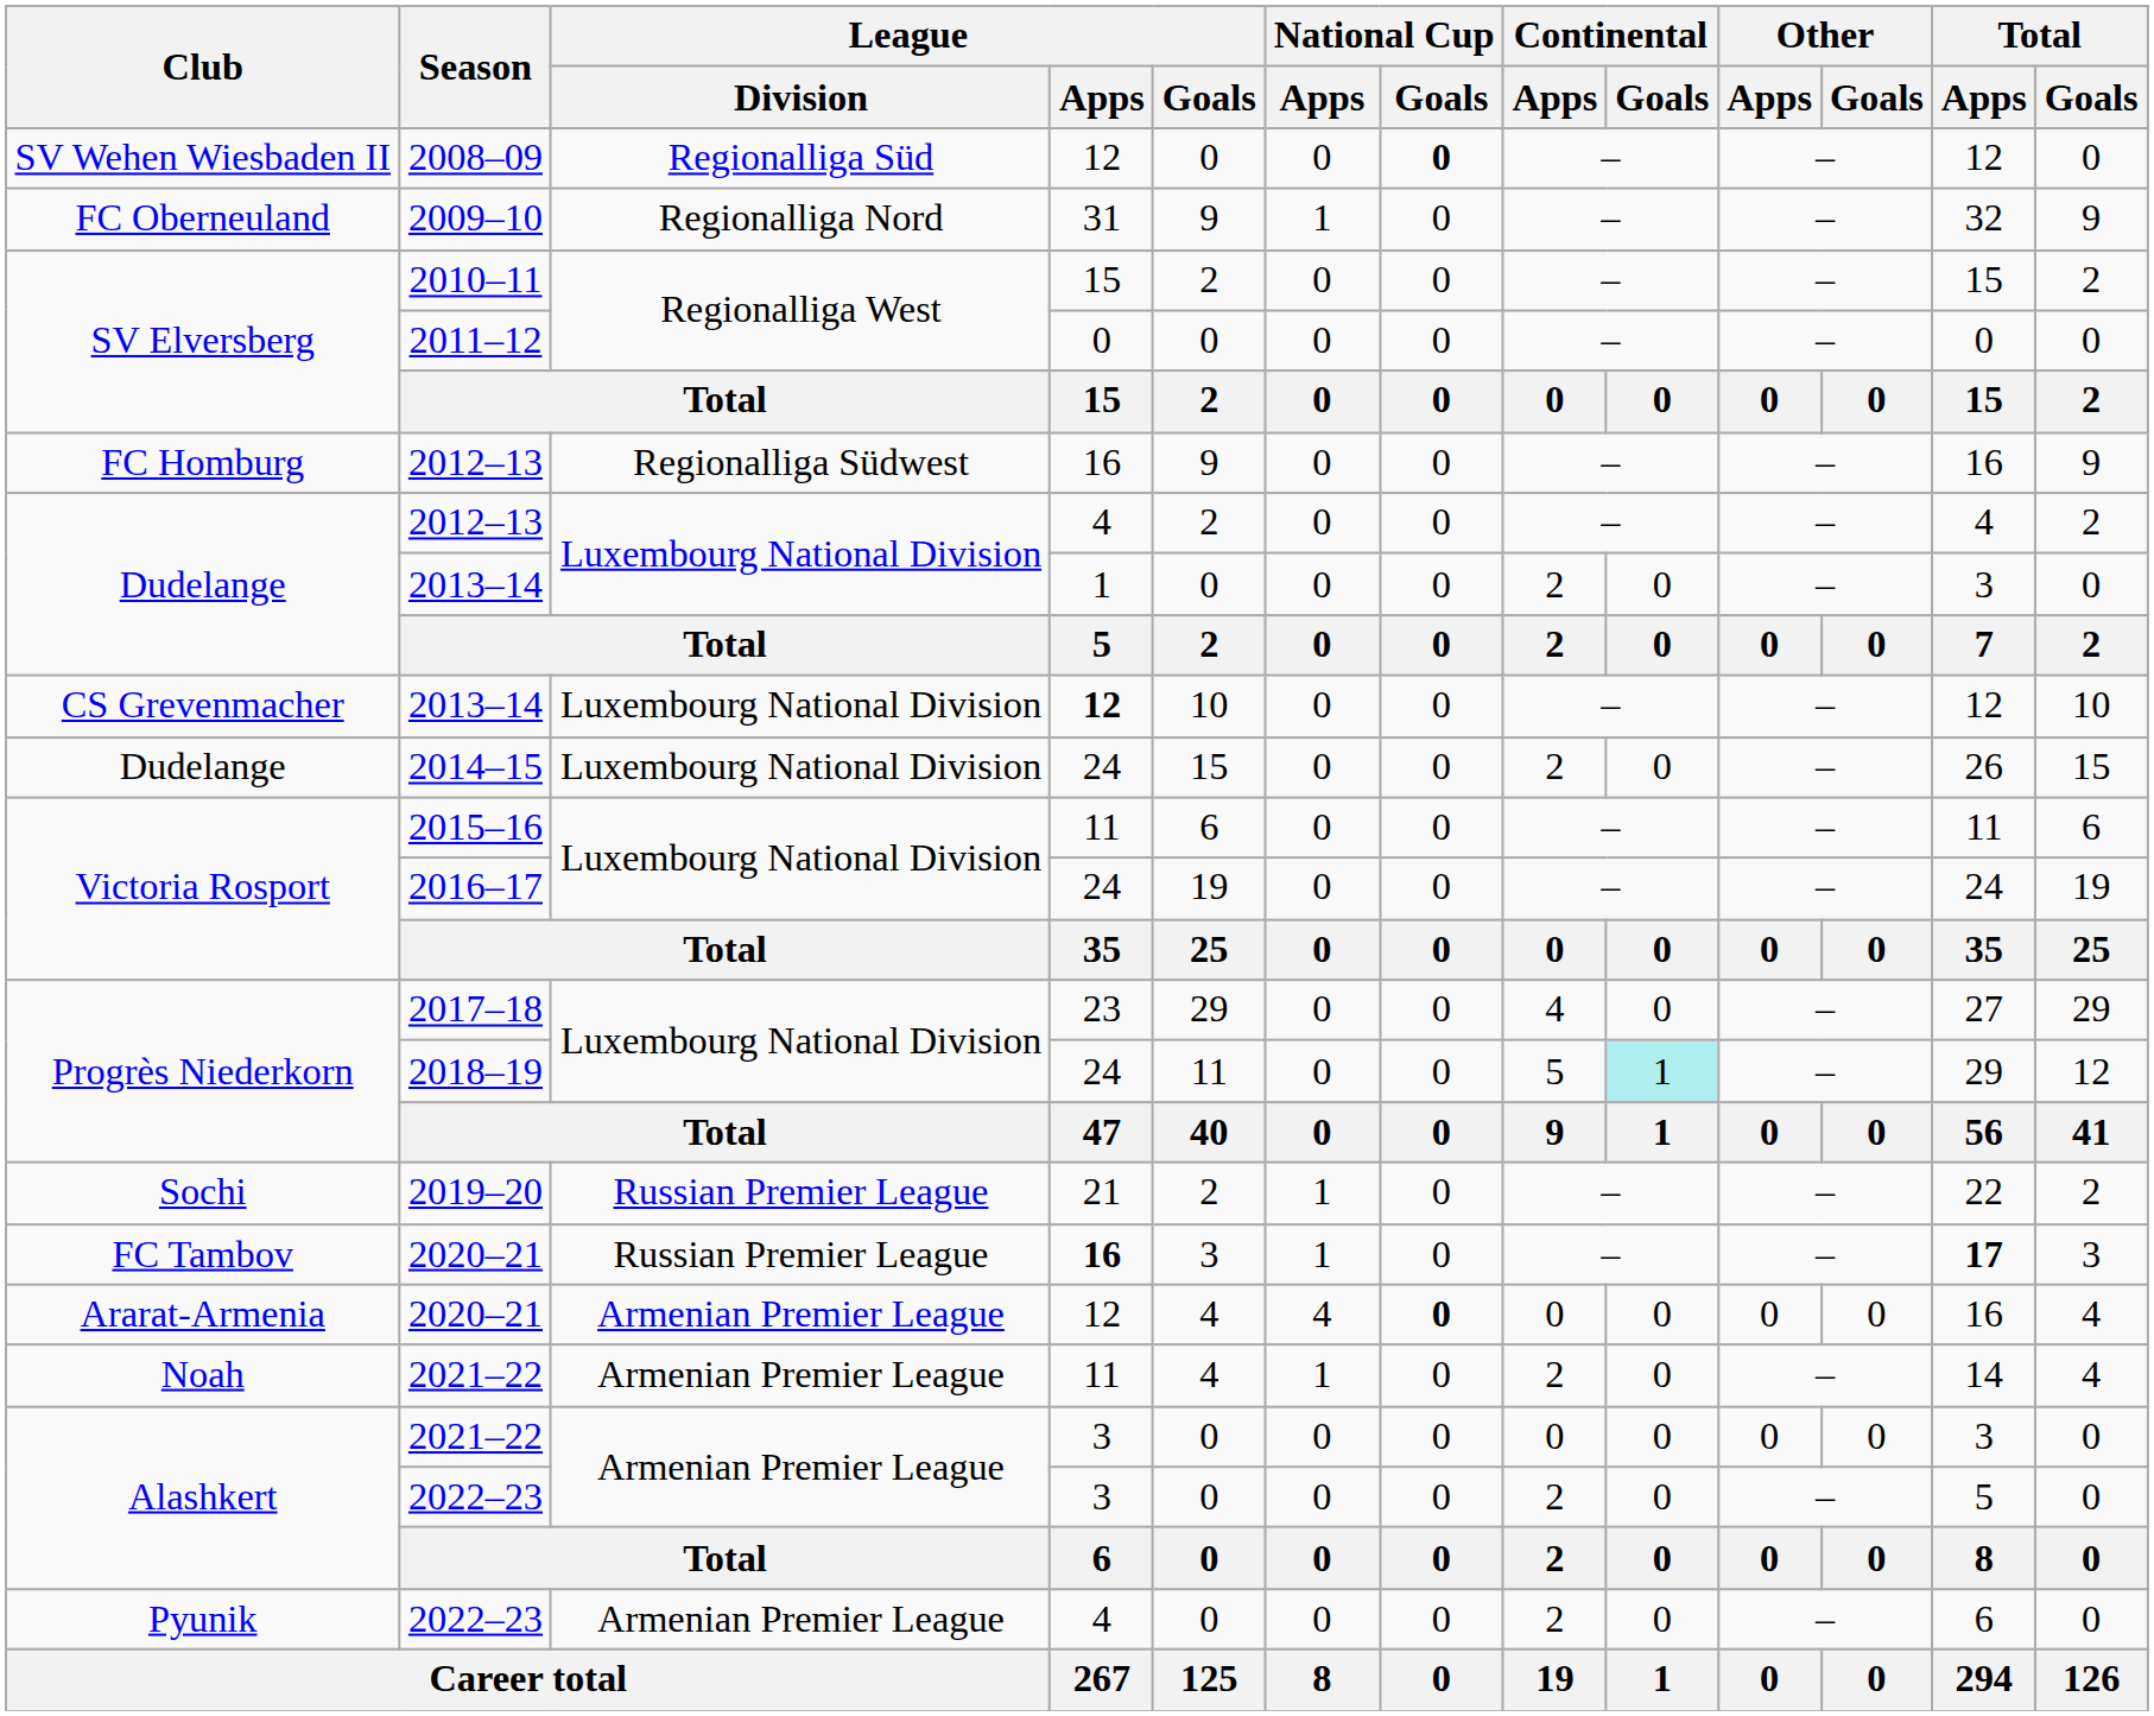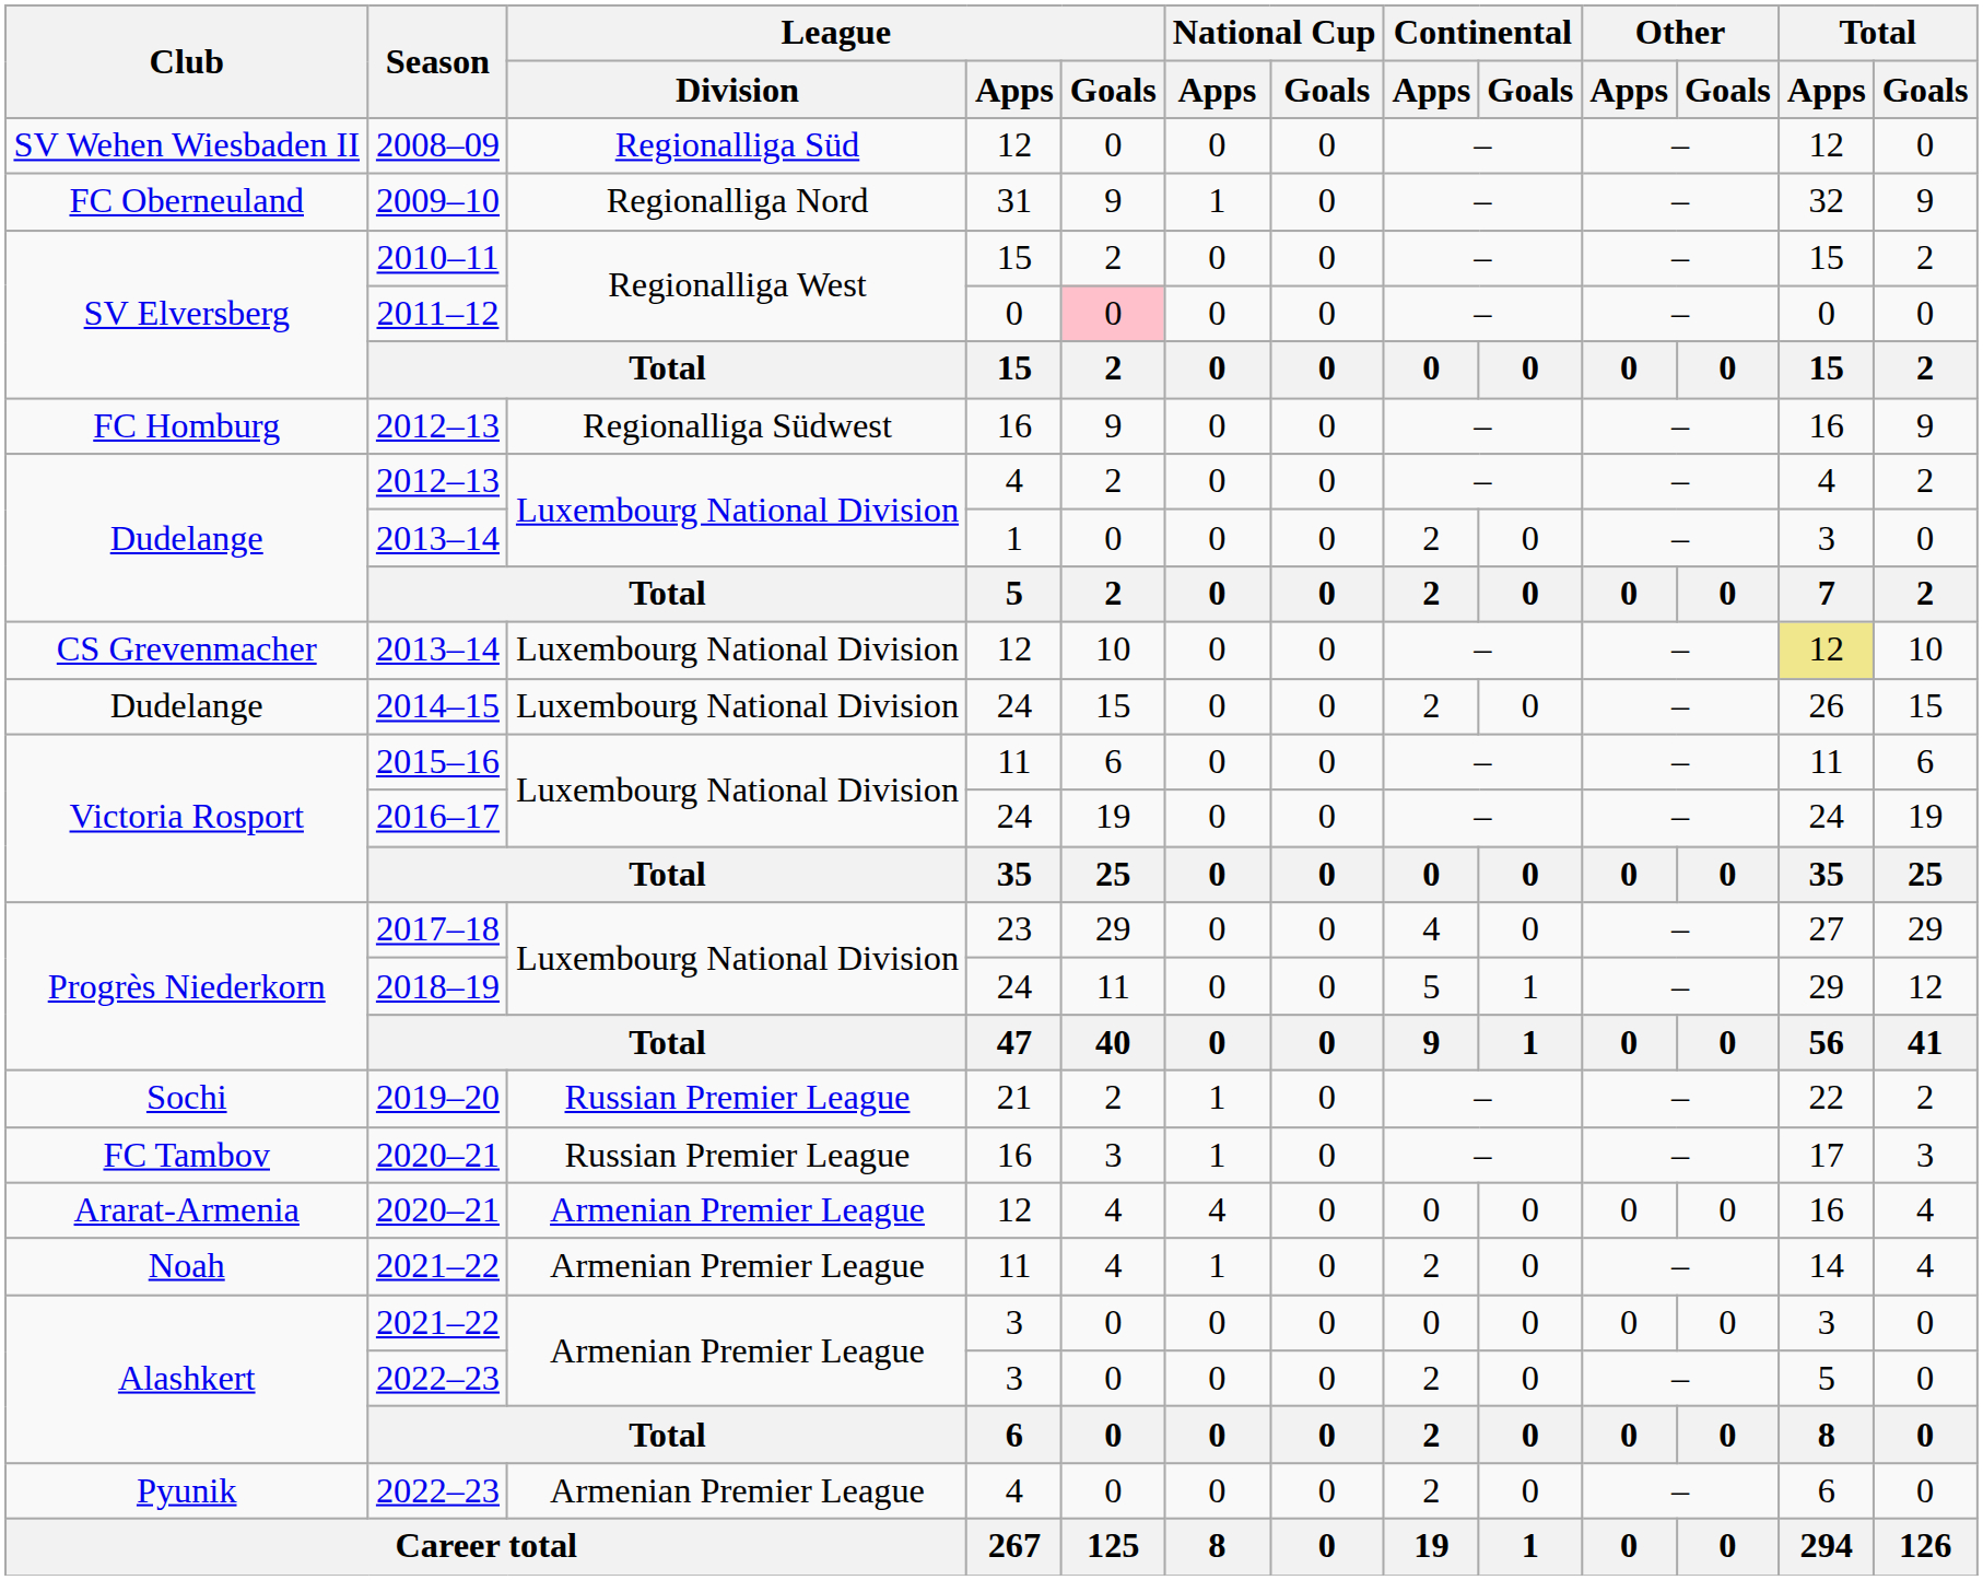 <table class="wikitable" style="text-align:center">
 <tr>
 <th rowspan="2">Club</th>
 <th rowspan="2">Season</th>
 <th colspan="3">League</th>
 <th colspan="2">National Cup</th>
 <th colspan="2">Continental</th>
 <th colspan="2">Other</th>
 <th colspan="2">Total</th>
 </tr>
 <tr>
 <th>Division</th>
 <th>Apps</th>
 <th>Goals</th>
 <th>Apps</th>
 <th>Goals</th>
 <th>Apps</th>
 <th>Goals</th>
 <th>Apps</th>
 <th>Goals</th>
 <th>Apps</th>
 <th>Goals</th>
 </tr>
 <tr>
 <td><a href='#'>SV Wehen Wiesbaden II</a></td>
 <td><a href='#'>2008–09</a></td>
 <td><a href='#'>Regionalliga Süd</a></td>
 <td>12</td>
 <td>0</td>
 <td>0</td>
-<td><strong>0</strong></td>
+<td>0</td>
 <td colspan="2">–</td>
 <td colspan="2">–</td>
 <td>12</td>
 <td>0</td>
 </tr>
 <tr>
 <td><a href='#'>FC Oberneuland</a></td>
 <td><a href='#'>2009–10</a></td>
 <td>Regionalliga Nord</td>
 <td>31</td>
 <td>9</td>
 <td>1</td>
 <td>0</td>
 <td colspan="2">–</td>
 <td colspan="2">–</td>
 <td>32</td>
 <td>9</td>
 </tr>
 <tr>
 <td rowspan="3"><a href='#'>SV Elversberg</a></td>
 <td><a href='#'>2010–11</a></td>
 <td rowspan="2">Regionalliga West</td>
 <td>15</td>
 <td>2</td>
 <td>0</td>
 <td>0</td>
 <td colspan="2">–</td>
 <td colspan="2">–</td>
 <td>15</td>
 <td>2</td>
 </tr>
 <tr>
 <td><a href='#'>2011–12</a></td>
 <td>0</td>
-<td>0</td>
+<td style="background: pink;">0</td>
 <td>0</td>
 <td>0</td>
 <td colspan="2">–</td>
 <td colspan="2">–</td>
 <td>0</td>
 <td>0</td>
 </tr>
 <tr>
 <th colspan="2">Total</th>
 <th>15</th>
 <th>2</th>
 <th>0</th>
 <th>0</th>
 <th>0</th>
 <th>0</th>
 <th>0</th>
 <th>0</th>
 <th>15</th>
 <th>2</th>
 </tr>
 <tr>
 <td><a href='#'>FC Homburg</a></td>
 <td><a href='#'>2012–13</a></td>
 <td>Regionalliga Südwest</td>
 <td>16</td>
 <td>9</td>
 <td>0</td>
 <td>0</td>
 <td colspan="2">–</td>
 <td colspan="2">–</td>
 <td>16</td>
 <td>9</td>
 </tr>
 <tr>
 <td rowspan="3"><a href='#'>Dudelange</a></td>
 <td><a href='#'>2012–13</a></td>
 <td rowspan="2"><a href='#'>Luxembourg National Division</a></td>
 <td>4</td>
 <td>2</td>
 <td>0</td>
 <td>0</td>
 <td colspan="2">–</td>
 <td colspan="2">–</td>
 <td>4</td>
 <td>2</td>
 </tr>
 <tr>
 <td><a href='#'>2013–14</a></td>
 <td>1</td>
 <td>0</td>
 <td>0</td>
 <td>0</td>
 <td>2</td>
 <td>0</td>
 <td colspan="2">–</td>
 <td>3</td>
 <td>0</td>
 </tr>
 <tr>
 <th colspan="2">Total</th>
 <th>5</th>
 <th>2</th>
 <th>0</th>
 <th>0</th>
 <th>2</th>
 <th>0</th>
 <th>0</th>
 <th>0</th>
 <th>7</th>
 <th>2</th>
 </tr>
 <tr>
 <td><a href='#'>CS Grevenmacher</a></td>
 <td><a href='#'>2013–14</a></td>
 <td>Luxembourg National Division</td>
-<td><strong>12</strong></td>
+<td>12</td>
 <td>10</td>
 <td>0</td>
 <td>0</td>
 <td colspan="2">–</td>
 <td colspan="2">–</td>
-<td>12</td>
+<td style="background: khaki;">12</td>
 <td>10</td>
 </tr>
 <tr>
 <td>Dudelange</td>
 <td><a href='#'>2014–15</a></td>
 <td>Luxembourg National Division</td>
 <td>24</td>
 <td>15</td>
 <td>0</td>
 <td>0</td>
 <td>2</td>
 <td>0</td>
 <td colspan="2">–</td>
 <td>26</td>
 <td>15</td>
 </tr>
 <tr>
 <td rowspan="3"><a href='#'>Victoria Rosport</a></td>
 <td><a href='#'>2015–16</a></td>
 <td rowspan="2">Luxembourg National Division</td>
 <td>11</td>
 <td>6</td>
 <td>0</td>
 <td>0</td>
 <td colspan="2">–</td>
 <td colspan="2">–</td>
 <td>11</td>
 <td>6</td>
 </tr>
 <tr>
 <td><a href='#'>2016–17</a></td>
 <td>24</td>
 <td>19</td>
 <td>0</td>
 <td>0</td>
 <td colspan="2">–</td>
 <td colspan="2">–</td>
 <td>24</td>
 <td>19</td>
 </tr>
 <tr>
 <th colspan="2">Total</th>
 <th>35</th>
 <th>25</th>
 <th>0</th>
 <th>0</th>
 <th>0</th>
 <th>0</th>
 <th>0</th>
 <th>0</th>
 <th>35</th>
 <th>25</th>
 </tr>
 <tr>
 <td rowspan="3"><a href='#'>Progrès Niederkorn</a></td>
 <td><a href='#'>2017–18</a></td>
 <td rowspan="2">Luxembourg National Division</td>
 <td>23</td>
 <td>29</td>
 <td>0</td>
 <td>0</td>
 <td>4</td>
 <td>0</td>
 <td colspan="2">–</td>
 <td>27</td>
 <td>29</td>
 </tr>
 <tr>
 <td><a href='#'>2018–19</a></td>
 <td>24</td>
 <td>11</td>
 <td>0</td>
 <td>0</td>
 <td>5</td>
-<td style="background: paleturquoise;">1</td>
+<td>1</td>
 <td colspan="2">–</td>
 <td>29</td>
 <td>12</td>
 </tr>
 <tr>
 <th colspan="2">Total</th>
 <th>47</th>
 <th>40</th>
 <th>0</th>
 <th>0</th>
 <th>9</th>
 <th>1</th>
 <th>0</th>
 <th>0</th>
 <th>56</th>
 <th>41</th>
 </tr>
 <tr>
 <td><a href='#'>Sochi</a></td>
 <td><a href='#'>2019–20</a></td>
 <td><a href='#'>Russian Premier League</a></td>
 <td>21</td>
 <td>2</td>
 <td>1</td>
 <td>0</td>
 <td colspan="2">–</td>
 <td colspan="2">–</td>
 <td>22</td>
 <td>2</td>
 </tr>
 <tr>
 <td><a href='#'>FC Tambov</a></td>
 <td><a href='#'>2020–21</a></td>
 <td>Russian Premier League</td>
-<td><strong>16</strong></td>
+<td>16</td>
 <td>3</td>
 <td>1</td>
 <td>0</td>
 <td colspan="2">–</td>
 <td colspan="2">–</td>
-<td><strong>17</strong></td>
+<td>17</td>
 <td>3</td>
 </tr>
 <tr>
 <td><a href='#'>Ararat-Armenia</a></td>
 <td><a href='#'>2020–21</a></td>
 <td><a href='#'>Armenian Premier League</a></td>
 <td>12</td>
 <td>4</td>
 <td>4</td>
-<td><strong>0</strong></td>
+<td>0</td>
 <td>0</td>
 <td>0</td>
 <td>0</td>
 <td>0</td>
 <td>16</td>
 <td>4</td>
 </tr>
 <tr>
 <td><a href='#'>Noah</a></td>
 <td><a href='#'>2021–22</a></td>
 <td>Armenian Premier League</td>
 <td>11</td>
 <td>4</td>
 <td>1</td>
 <td>0</td>
 <td>2</td>
 <td>0</td>
 <td colspan="2">–</td>
 <td>14</td>
 <td>4</td>
 </tr>
 <tr>
 <td rowspan="3"><a href='#'>Alashkert</a></td>
 <td><a href='#'>2021–22</a></td>
 <td rowspan="2">Armenian Premier League</td>
 <td>3</td>
 <td>0</td>
 <td>0</td>
 <td>0</td>
 <td>0</td>
 <td>0</td>
 <td>0</td>
 <td>0</td>
 <td>3</td>
 <td>0</td>
 </tr>
 <tr>
 <td><a href='#'>2022–23</a></td>
 <td>3</td>
 <td>0</td>
 <td>0</td>
 <td>0</td>
 <td>2</td>
 <td>0</td>
 <td colspan="2">–</td>
 <td>5</td>
 <td>0</td>
 </tr>
 <tr>
 <th colspan="2">Total</th>
 <th>6</th>
 <th>0</th>
 <th>0</th>
 <th>0</th>
 <th>2</th>
 <th>0</th>
 <th>0</th>
 <th>0</th>
 <th>8</th>
 <th>0</th>
 </tr>
 <tr>
 <td><a href='#'>Pyunik</a></td>
 <td><a href='#'>2022–23</a></td>
 <td>Armenian Premier League</td>
 <td>4</td>
 <td>0</td>
 <td>0</td>
 <td>0</td>
 <td>2</td>
 <td>0</td>
 <td colspan="2">–</td>
 <td>6</td>
 <td>0</td>
 </tr>
 <tr>
 <th colspan="3">Career total</th>
 <th>267</th>
 <th>125</th>
 <th>8</th>
 <th>0</th>
 <th>19</th>
 <th>1</th>
 <th>0</th>
 <th>0</th>
 <th>294</th>
 <th>126</th>
 </tr>
 </table>
